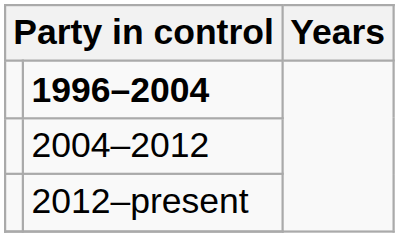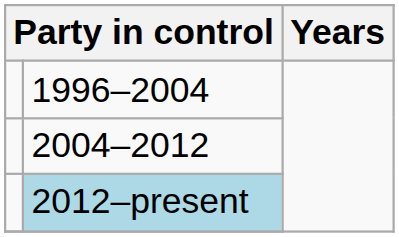 <table class="wikitable">
 <tr>
 <th colspan="2">Party in control</th>
 <th>Years</th>
 </tr>
 <tr>
 <td></td>
-<td><strong>1996–2004</strong></td>
+<td>1996–2004</td>
 </tr>
 <tr>
 <td></td>
 <td>2004–2012</td>
 </tr>
 <tr>
 <td></td>
-<td>2012–present</td>
+<td style="background: lightblue;">2012–present</td>
 </tr>
 <tr>
 </tr>
 </table>
